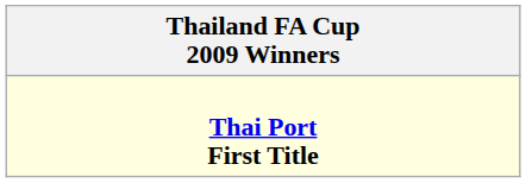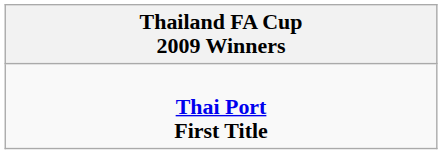 <table class="wikitable" style="text-align: center; margin: 0 auto; width: 20%">
 <tr>
 <th>Thailand FA Cup <br>2009 Winners</th>
 </tr>
 <tr>
-<td style="background: lightyellow;"><br><strong><a href='#'>Thai Port</a></strong><br><strong>First Title</strong></td>
+<td><br><strong><a href='#'>Thai Port</a></strong><br><strong>First Title</strong></td>
 </tr>
 </table>
